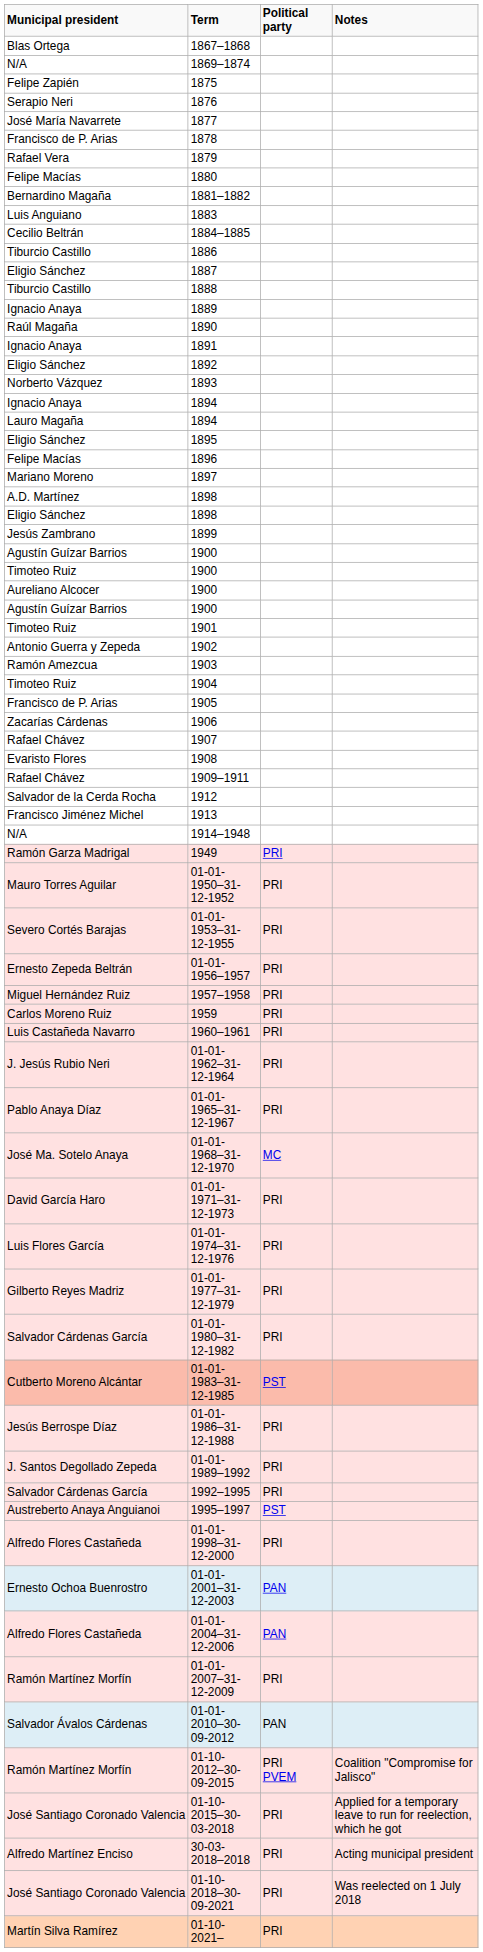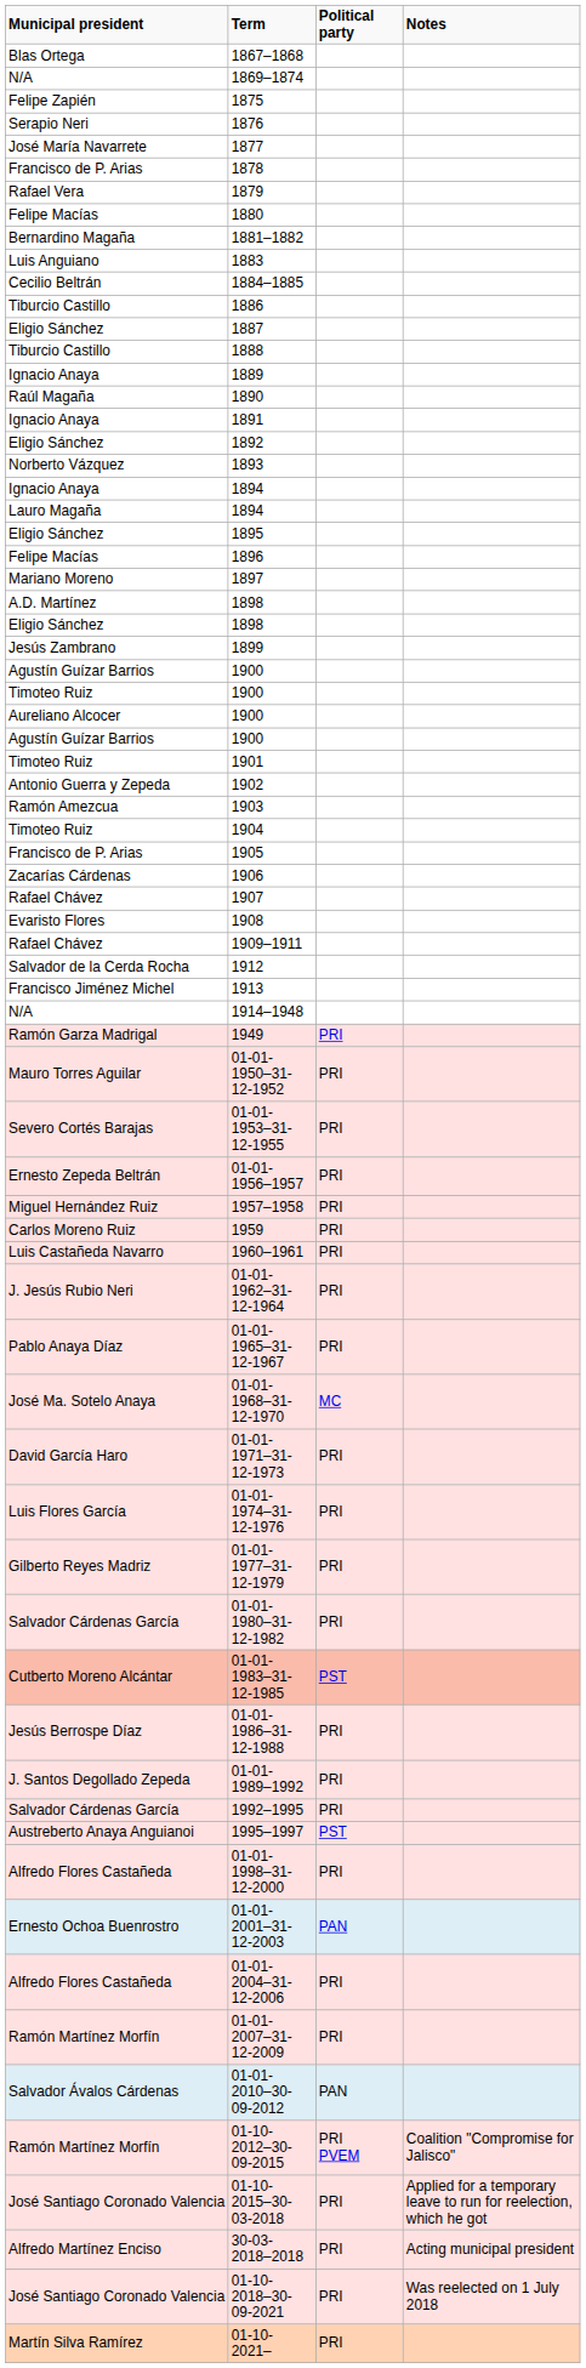 <table class="wikitable">
 <tr>
 <td><strong>Municipal president</strong></td>
 <td width=90px><strong>Term</strong></td>
 <td width=90x><strong>Political party</strong></td>
 <td width=190px><strong>Notes</strong></td>
 </tr>
 <tr style="background:#ffffff">
 <td>Blas Ortega</td>
 <td>1867–1868</td>
 <td></td>
 <td></td>
 </tr>
 <tr style="background:#ffffff">
 <td>N/A</td>
 <td>1869–1874</td>
 <td></td>
 <td></td>
 </tr>
 <tr style="background:#ffffff">
 <td>Felipe Zapién</td>
 <td>1875</td>
 <td></td>
 <td></td>
 </tr>
 <tr style="background:#ffffff">
 <td>Serapio Neri</td>
 <td>1876</td>
 <td></td>
 <td></td>
 </tr>
 <tr style="background:#ffffff">
 <td>José María Navarrete</td>
 <td>1877</td>
 <td></td>
 <td></td>
 </tr>
 <tr style="background:#ffffff">
 <td>Francisco de P. Arias</td>
 <td>1878</td>
 <td></td>
 <td></td>
 </tr>
 <tr style="background:#ffffff">
 <td>Rafael Vera</td>
 <td>1879</td>
 <td></td>
 <td></td>
 </tr>
 <tr style="background:#ffffff">
 <td>Felipe Macías</td>
 <td>1880</td>
 <td></td>
 <td></td>
 </tr>
 <tr style="background:#ffffff">
 <td>Bernardino Magaña</td>
 <td>1881–1882</td>
 <td></td>
 <td></td>
 </tr>
 <tr style="background:#ffffff">
 <td>Luis Anguiano</td>
 <td>1883</td>
 <td></td>
 <td></td>
 </tr>
 <tr style="background:#ffffff">
 <td>Cecilio Beltrán</td>
 <td>1884–1885</td>
 <td></td>
 <td></td>
 </tr>
 <tr style="background:#ffffff">
 <td>Tiburcio Castillo</td>
 <td>1886</td>
 <td></td>
 <td></td>
 </tr>
 <tr style="background:#ffffff">
 <td>Eligio Sánchez</td>
 <td>1887</td>
 <td></td>
 <td></td>
 </tr>
 <tr style="background:#ffffff">
 <td>Tiburcio Castillo</td>
 <td>1888</td>
 <td></td>
 <td></td>
 </tr>
 <tr style="background:#ffffff">
 <td>Ignacio Anaya</td>
 <td>1889</td>
 <td></td>
 <td></td>
 </tr>
 <tr style="background:#ffffff">
 <td>Raúl Magaña</td>
 <td>1890</td>
 <td></td>
 <td></td>
 </tr>
 <tr style="background:#ffffff">
 <td>Ignacio Anaya</td>
 <td>1891</td>
 <td></td>
 <td></td>
 </tr>
 <tr style="background:#ffffff">
 <td>Eligio Sánchez</td>
 <td>1892</td>
 <td></td>
 <td></td>
 </tr>
 <tr style="background:#ffffff">
 <td>Norberto Vázquez</td>
 <td>1893</td>
 <td></td>
 <td></td>
 </tr>
 <tr style="background:#ffffff">
 <td>Ignacio Anaya</td>
 <td>1894</td>
 <td></td>
 <td></td>
 </tr>
 <tr style="background:#ffffff">
 <td>Lauro Magaña</td>
 <td>1894</td>
 <td></td>
 <td></td>
 </tr>
 <tr style="background:#ffffff">
 <td>Eligio Sánchez</td>
 <td>1895</td>
 <td></td>
 <td></td>
 </tr>
 <tr style="background:#ffffff">
 <td>Felipe Macías</td>
 <td>1896</td>
 <td></td>
 <td></td>
 </tr>
 <tr style="background:#ffffff">
 <td>Mariano Moreno</td>
 <td>1897</td>
 <td></td>
 <td></td>
 </tr>
 <tr style="background:#ffffff">
 <td>A.D. Martínez</td>
 <td>1898</td>
 <td></td>
 <td></td>
 </tr>
 <tr style="background:#ffffff">
 <td>Eligio Sánchez</td>
 <td>1898</td>
 <td></td>
 <td></td>
 </tr>
 <tr style="background:#ffffff">
 <td>Jesús Zambrano</td>
 <td>1899</td>
 <td></td>
 <td></td>
 </tr>
 <tr style="background:#ffffff">
 <td>Agustín Guízar Barrios</td>
 <td>1900</td>
 <td></td>
 <td></td>
 </tr>
 <tr style="background:#ffffff">
 <td>Timoteo Ruiz</td>
 <td>1900</td>
 <td></td>
 <td></td>
 </tr>
 <tr style="background:#ffffff">
 <td>Aureliano Alcocer</td>
 <td>1900</td>
 <td></td>
 <td></td>
 </tr>
 <tr style="background:#ffffff">
 <td>Agustín Guízar Barrios</td>
 <td>1900</td>
 <td></td>
 <td></td>
 </tr>
 <tr style="background:#ffffff">
 <td>Timoteo Ruiz</td>
 <td>1901</td>
 <td></td>
 <td></td>
 </tr>
 <tr style="background:#ffffff">
 <td>Antonio Guerra y Zepeda</td>
 <td>1902</td>
 <td></td>
 <td></td>
 </tr>
 <tr style="background:#ffffff">
 <td>Ramón Amezcua</td>
 <td>1903</td>
 <td></td>
 <td></td>
 </tr>
 <tr style="background:#ffffff">
 <td>Timoteo Ruiz</td>
 <td>1904</td>
 <td></td>
 <td></td>
 </tr>
 <tr style="background:#ffffff">
 <td>Francisco de P. Arias</td>
 <td>1905</td>
 <td></td>
 <td></td>
 </tr>
 <tr style="background:#ffffff">
 <td>Zacarías Cárdenas</td>
 <td>1906</td>
 <td></td>
 <td></td>
 </tr>
 <tr style="background:#ffffff">
 <td>Rafael Chávez</td>
 <td>1907</td>
 <td></td>
 <td></td>
 </tr>
 <tr style="background:#ffffff">
 <td>Evaristo Flores</td>
 <td>1908</td>
 <td></td>
 <td></td>
 </tr>
 <tr style="background:#ffffff">
 <td>Rafael Chávez</td>
 <td>1909–1911</td>
 <td></td>
 <td></td>
 </tr>
 <tr style="background:#ffffff">
 <td>Salvador de la Cerda Rocha</td>
 <td>1912</td>
 <td></td>
 <td></td>
 </tr>
 <tr style="background:#ffffff">
 <td>Francisco Jiménez Michel</td>
 <td>1913</td>
 <td></td>
 <td></td>
 </tr>
 <tr style="background:#ffffff">
 <td>N/A</td>
 <td>1914–1948</td>
 <td></td>
 <td></td>
 </tr>
 <tr style="background:#ffe1e1">
 <td>Ramón Garza Madrigal</td>
 <td>1949</td>
 <td><a href='#'>PRI</a> </td>
 <td></td>
 </tr>
 <tr style="background:#ffe1e1">
 <td>Mauro Torres Aguilar</td>
 <td>01-01-1950–31-12-1952</td>
 <td>PRI </td>
 <td></td>
 </tr>
 <tr style="background:#ffe1e1">
 <td>Severo Cortés Barajas</td>
 <td>01-01-1953–31-12-1955</td>
 <td>PRI </td>
 <td></td>
 </tr>
 <tr style="background:#ffe1e1">
 <td>Ernesto Zepeda Beltrán</td>
 <td>01-01-1956–1957</td>
 <td>PRI </td>
 <td></td>
 </tr>
 <tr style="background:#ffe1e1">
 <td>Miguel Hernández Ruiz</td>
 <td>1957–1958</td>
 <td>PRI </td>
 <td></td>
 </tr>
 <tr style="background:#ffe1e1">
 <td>Carlos Moreno Ruiz</td>
 <td>1959</td>
 <td>PRI </td>
 <td></td>
 </tr>
 <tr style="background:#ffe1e1">
 <td>Luis Castañeda Navarro</td>
 <td>1960–1961</td>
 <td>PRI </td>
 <td></td>
 </tr>
 <tr style="background:#ffe1e1">
 <td>J. Jesús Rubio Neri</td>
 <td>01-01-1962–31-12-1964</td>
 <td>PRI </td>
 <td></td>
 </tr>
 <tr style="background:#ffe1e1">
 <td>Pablo Anaya Díaz</td>
 <td>01-01-1965–31-12-1967</td>
 <td>PRI </td>
 <td></td>
 </tr>
 <tr style="background:#ffe1e1">
 <td>José Ma. Sotelo Anaya</td>
 <td>01-01-1968–31-12-1970</td>
 <td><a href='#'>MC</a> </td>
 <td></td>
 </tr>
 <tr style="background:#ffe1e1">
 <td>David García Haro</td>
 <td>01-01-1971–31-12-1973</td>
 <td>PRI </td>
 <td></td>
 </tr>
 <tr style="background:#ffe1e1">
 <td>Luis Flores García</td>
 <td>01-01-1974–31-12-1976</td>
 <td>PRI </td>
 <td></td>
 </tr>
 <tr style="background:#ffe1e1">
 <td>Gilberto Reyes Madriz</td>
 <td>01-01-1977–31-12-1979</td>
 <td>PRI </td>
 <td></td>
 </tr>
 <tr style="background:#ffe1e1">
 <td>Salvador Cárdenas García</td>
 <td>01-01-1980–31-12-1982</td>
 <td>PRI </td>
 <td></td>
 </tr>
 <tr style="background:#fbbbab">
 <td>Cutberto Moreno Alcántar</td>
 <td>01-01-1983–31-12-1985</td>
 <td><a href='#'>PST</a> </td>
 <td></td>
 </tr>
 <tr style="background:#ffe1e1">
 <td>Jesús Berrospe Díaz</td>
 <td>01-01-1986–31-12-1988</td>
 <td>PRI </td>
 <td></td>
 </tr>
 <tr style="background:#ffe1e1">
 <td>J. Santos Degollado Zepeda</td>
 <td>01-01-1989–1992</td>
 <td>PRI </td>
 <td></td>
 </tr>
 <tr style="background:#ffe1e1">
 <td>Salvador Cárdenas García</td>
 <td>1992–1995</td>
 <td>PRI </td>
 <td></td>
 </tr>
 <tr style="background:#ffe1e1">
 <td>Austreberto Anaya Anguianoi</td>
 <td>1995–1997</td>
 <td><a href='#'>PST</a> </td>
 <td></td>
 </tr>
 <tr style="background:#ffe1e1">
 <td>Alfredo Flores Castañeda</td>
 <td>01-01-1998–31-12-2000</td>
 <td>PRI </td>
 <td></td>
 </tr>
 <tr style="background:#ddeef6">
 <td>Ernesto Ochoa Buenrostro</td>
 <td>01-01-2001–31-12-2003</td>
 <td><a href='#'>PAN</a> </td>
 <td></td>
 </tr>
 <tr style="background:#ffe1e1">
 <td>Alfredo Flores Castañeda</td>
 <td>01-01-2004–31-12-2006</td>
-<td><a href='#'>PAN</a> </td>
+<td>PRI </td>
 <td></td>
 </tr>
 <tr style="background:#ffe1e1">
 <td>Ramón Martínez Morfín</td>
 <td>01-01-2007–31-12-2009</td>
 <td>PRI </td>
 <td></td>
 </tr>
 <tr style="background:#ddeef6">
 <td>Salvador Ávalos Cárdenas</td>
 <td>01-01-2010–30-09-2012</td>
 <td>PAN </td>
 <td></td>
 </tr>
 <tr style="background:#ffe1e1">
 <td>Ramón Martínez Morfín</td>
 <td>01-10-2012–30-09-2015</td>
 <td>PRI <br> <a href='#'>PVEM</a> </td>
 <td>Coalition "Compromise for Jalisco"</td>
 </tr>
 <tr style="background:#ffe1e1">
 <td>José Santiago Coronado Valencia</td>
 <td>01-10-2015–30-03-2018</td>
 <td>PRI </td>
 <td>Applied for a temporary leave to run for reelection, which he got</td>
 </tr>
 <tr style="background:#ffe1e1">
 <td>Alfredo Martínez Enciso</td>
 <td>30-03-2018–2018</td>
 <td>PRI </td>
 <td>Acting municipal president</td>
 </tr>
 <tr style="background:#ffe1e1">
 <td>José Santiago Coronado Valencia</td>
 <td>01-10-2018–30-09-2021</td>
 <td>PRI </td>
 <td>Was reelected on 1 July 2018</td>
 </tr>
 <tr style="background:#ffd2b3">
 <td>Martín Silva Ramírez</td>
 <td>01-10-2021–</td>
 <td>PRI </td>
 <td></td>
 </tr>
 </table>
